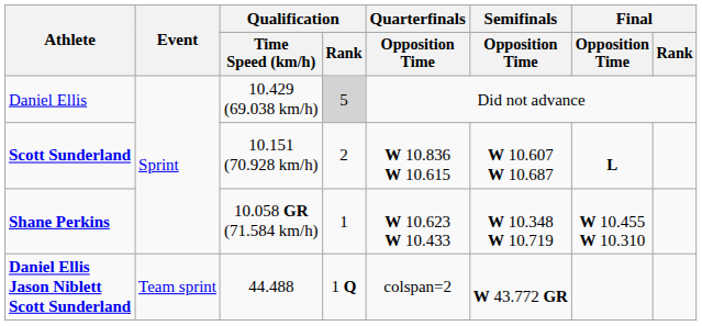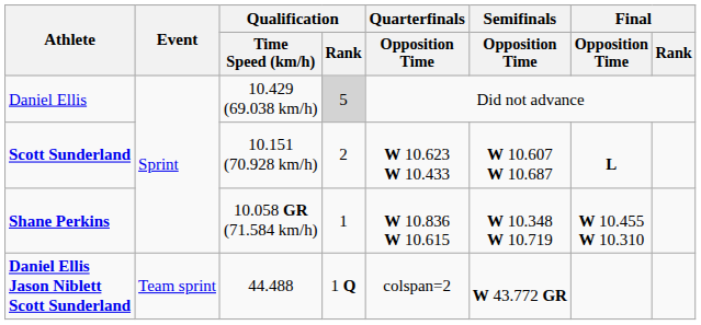 <table class="wikitable" style="font-size:90%">
 <tr>
 <th rowspan="2">Athlete</th>
 <th rowspan="2">Event</th>
 <th colspan=2>Qualification</th>
 <th>Quarterfinals</th>
 <th>Semifinals</th>
 <th colspan=2>Final</th>
 </tr>
 <tr style="font-size:95%">
 <th>Time<br>Speed (km/h)</th>
 <th>Rank</th>
 <th>Opposition<br>Time</th>
 <th>Opposition<br>Time</th>
 <th>Opposition<br>Time</th>
 <th>Rank</th>
 </tr>
 <tr align=center>
 <td align=left><a href='#'>Daniel Ellis</a></td>
 <td align=left rowspan=3><a href='#'>Sprint</a></td>
 <td>10.429<br>(69.038 km/h)</td>
 <td style="background: lightgrey;">5</td>
 <td colspan=4>Did not advance</td>
 </tr>
 <tr align=center>
 <td align=left><strong><a href='#'>Scott Sunderland</a></strong></td>
 <td>10.151<br>(70.928 km/h)</td>
 <td>2</td>
-<td><br><strong>W</strong> 10.836<br><strong>W</strong> 10.615</td>
+<td><br><strong>W</strong> 10.623<br><strong>W</strong> 10.433</td>
 <td><br><strong>W</strong> 10.607<br><strong>W</strong> 10.687</td>
 <td><br><strong>L</strong></td>
 <td></td>
 </tr>
 <tr align=center>
 <td align=left><strong><a href='#'>Shane Perkins</a></strong></td>
 <td>10.058 <strong>GR</strong><br>(71.584 km/h)</td>
 <td>1</td>
-<td><br><strong>W</strong> 10.623<br><strong>W</strong> 10.433</td>
+<td><br><strong>W</strong> 10.836<br><strong>W</strong> 10.615</td>
 <td><br><strong>W</strong> 10.348<br><strong>W</strong> 10.719</td>
 <td><br><strong>W</strong> 10.455<br><strong>W</strong> 10.310</td>
 <td></td>
 </tr>
 <tr align=center>
 <td align=left><strong><a href='#'>Daniel Ellis</a><br><a href='#'>Jason Niblett</a><br><a href='#'>Scott Sunderland</a></strong></td>
 <td align=left><a href='#'>Team sprint</a></td>
 <td>44.488</td>
 <td>1 <strong>Q</strong></td>
 <td>colspan=2 </td>
 <td><br><strong>W</strong> 43.772 <strong>GR</strong></td>
 <td></td>
 </tr>
 </table>
